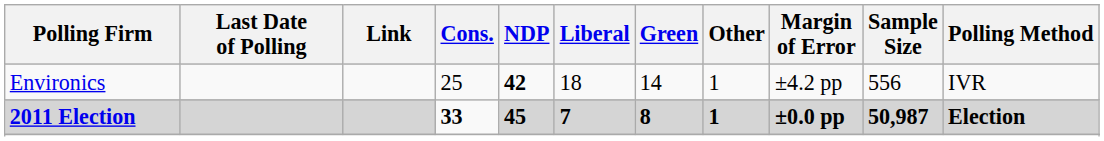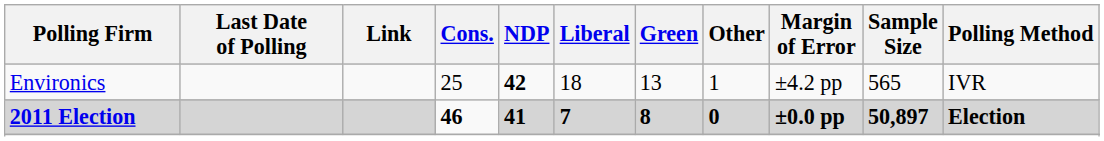 <table class="wikitable sortable">
 <tr style="background:#e9e9e9;">
 <th style="width:120px">Polling Firm</th>
 <th style="width:110px">Last Date<br>of Polling</th>
 <th style="width:60px" class="unsortable">Link</th>
 <th style="background-color:"><strong><a href='#'>Cons.</a></strong></th>
 <th style="background-color:"><strong><a href='#'>NDP</a></strong></th>
 <th style="background-color:"><strong><a href='#'>Liberal</a></strong></th>
 <th style="background-color:"><strong><a href='#'>Green</a></strong></th>
 <th style="background-color:"><strong>Other</strong></th>
 <th style="width:60px;" class=unsortable>Margin<br>of Error</th>
 <th style="width:50px;" class=unsortable>Sample<br>Size</th>
 <th class=unsortable>Polling Method</th>
 </tr>
 <tr>
 <td><a href='#'>Environics</a></td>
 <td></td>
 <td></td>
 <td>25</td>
 <td><strong>42</strong></td>
 <td>18</td>
-<td>14</td>
+<td>13</td>
 <td>1</td>
 <td>±4.2 pp</td>
-<td>556</td>
+<td>565</td>
 <td>IVR</td>
 </tr>
 <tr>
 <td style="background:#D5D5D5"><strong><a href='#'>2011 Election</a></strong></td>
 <td style="background:#D5D5D5"><strong></strong></td>
 <td style="background:#D5D5D5"></td>
-<td><strong>33</strong></td>
-<td style="background:#D5D5D5"><strong>45</strong></td>
+<td><strong>46</strong></td>
+<td style="background:#D5D5D5"><strong>41</strong></td>
 <td style="background:#D5D5D5"><strong>7</strong></td>
 <td style="background:#D5D5D5"><strong>8</strong></td>
-<td style="background:#D5D5D5"><strong>1</strong></td>
+<td style="background:#D5D5D5"><strong>0</strong></td>
 <td style="background:#D5D5D5"><strong>±0.0 pp</strong></td>
-<td style="background:#D5D5D5"><strong>50,987</strong></td>
+<td style="background:#D5D5D5"><strong>50,897</strong></td>
 <td style="background:#D5D5D5"><strong>Election</strong></td>
 </tr>
 <tr>
 </tr>
 <tr>
 </tr>
 </table>
